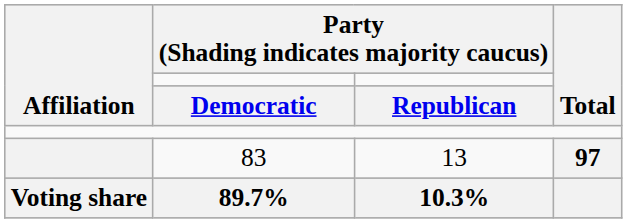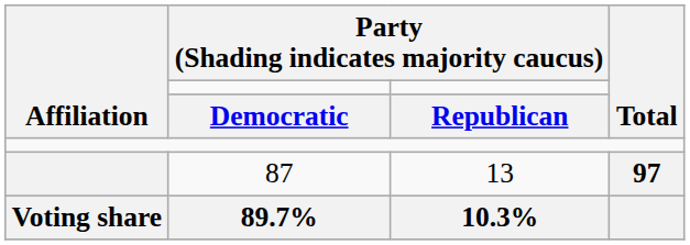 <table class=wikitable style="text-align:center">
 <tr style="vertical-align:bottom;">
 <th rowspan=3>Affiliation</th>
 <th colspan=2>Party <div>(Shading indicates majority caucus)</div></th>
 <th rowspan=3>Total</th>
 </tr>
 <tr style="height:5px">
 <td style="background-color:"></td>
 <td style="background-color:"></td>
 </tr>
 <tr>
 <th><a href='#'>Democratic</a></th>
 <th><a href='#'>Republican</a></th>
 </tr>
 <tr>
 <td colspan=5></td>
 </tr>
 <tr>
 <th nowrap style="font-size:80%"></th>
-<td>83</td>
+<td>87</td>
 <td>13</td>
 <th>97</th>
 </tr>
 <tr>
 <th>Voting share</th>
 <th>89.7%</th>
 <th>10.3%</th>
 <th colspan=2></th>
 </tr>
 </table>
